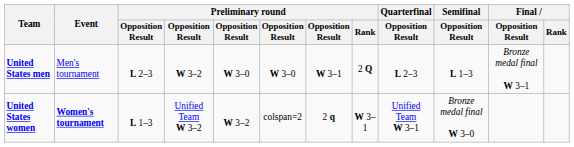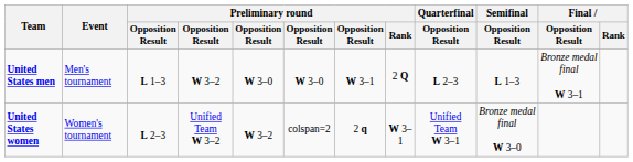 <table class=wikitable style=font-size:90%;text-align:center>
 <tr>
 <th rowspan=2>Team</th>
 <th rowspan=2>Event</th>
 <th colspan=6>Preliminary round</th>
 <th>Quarterfinal</th>
 <th>Semifinal</th>
 <th colspan=2>Final / </th>
 </tr>
 <tr style=font-size:95%>
 <th>Opposition<br>Result</th>
 <th>Opposition<br>Result</th>
 <th>Opposition<br>Result</th>
 <th>Opposition<br>Result</th>
 <th>Opposition<br>Result</th>
 <th>Rank</th>
 <th>Opposition<br>Result</th>
 <th>Opposition<br>Result</th>
 <th>Opposition<br>Result</th>
 <th>Rank</th>
 </tr>
 <tr>
 <td align=left><strong><a href='#'>United States men</a></strong></td>
 <td align=left><a href='#'>Men's tournament</a></td>
-<td><br><strong>L</strong> 2–3</td>
+<td><br><strong>L</strong> 1–3</td>
 <td><br><strong>W</strong> 3–2</td>
 <td><br><strong>W</strong> 3–0</td>
 <td><br><strong>W</strong> 3–0</td>
 <td><br><strong>W</strong> 3–1</td>
 <td>2 <strong>Q</strong></td>
 <td><br><strong>L</strong> 2–3</td>
 <td><br><strong>L</strong> 1–3</td>
 <td><em>Bronze medal final</em><br><br><strong>W</strong> 3–1</td>
 <td></td>
 </tr>
 <tr>
 <td align=left><strong><a href='#'>United States women</a></strong></td>
-<td align=left><strong><a href='#'>Women's tournament</a></strong></td>
-<td><br><strong>L</strong> 1–3</td>
+<td align=left><a href='#'>Women's tournament</a></td>
+<td><br><strong>L</strong> 2–3</td>
 <td> <a href='#'>Unified Team</a><br><strong>W</strong> 3–2</td>
 <td><br><strong>W</strong> 3–2</td>
 <td>colspan=2 </td>
 <td>2 <strong>q</strong></td>
 <td><br><strong>W</strong> 3–1</td>
 <td> <a href='#'>Unified Team</a><br><strong>W</strong> 3–1</td>
 <td><em>Bronze medal final</em><br><br><strong>W</strong> 3–0</td>
 <td></td>
 </tr>
 </table>
